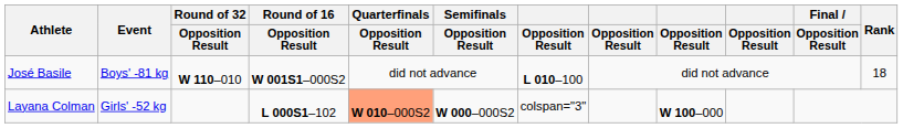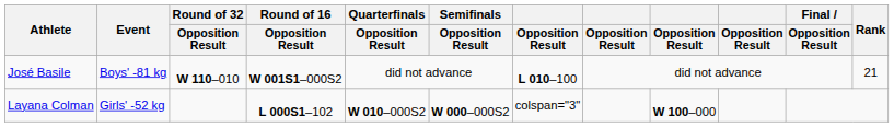 <table class="wikitable" style="font-size:90%">
 <tr>
 <th rowspan="2">Athlete</th>
 <th rowspan="2">Event</th>
 <th>Round of 32</th>
 <th>Round of 16</th>
 <th>Quarterfinals</th>
 <th>Semifinals</th>
 <th></th>
 <th></th>
 <th></th>
 <th></th>
 <th>Final / </th>
 <th rowspan=2>Rank</th>
 </tr>
 <tr style="font-size:95%">
 <th>Opposition<br>Result</th>
 <th>Opposition<br>Result</th>
 <th>Opposition<br>Result</th>
 <th>Opposition<br>Result</th>
 <th>Opposition<br>Result</th>
 <th>Opposition<br>Result</th>
 <th>Opposition<br>Result</th>
 <th>Opposition<br>Result</th>
 <th>Opposition<br>Result</th>
 </tr>
 <tr align=center>
 <td align=left><a href='#'>José Basile</a></td>
 <td align=left><a href='#'>Boys' -81 kg</a></td>
 <td align=center> <br> <strong>W</strong> <strong>110</strong>–010</td>
 <td align=center> <br> <strong>W</strong> <strong>001S1</strong>–000S2</td>
 <td colspan="2">did not advance</td>
 <td align=center> <br> <strong>L</strong> <strong>010</strong>–100</td>
 <td colspan="4">did not advance</td>
-<td>18</td>
+<td>21</td>
 </tr>
 <tr align=center>
 <td align=left><a href='#'>Layana Colman</a></td>
 <td align=left><a href='#'>Girls' -52 kg</a></td>
 <td></td>
 <td align=center> <br> <strong>L</strong> <strong>000S1</strong>–102</td>
-<td align=center style="background: lightsalmon;"> <br> <strong>W</strong> <strong>010</strong>–000S2</td>
+<td align=center> <br> <strong>W</strong> <strong>010</strong>–000S2</td>
 <td align=center> <br> <strong>W</strong> <strong>000</strong>–000S2</td>
 <td>colspan="3" </td>
 <td></td>
 <td align=center> <br> <strong>W</strong> <strong>100</strong>–000</td>
 <td></td>
 </tr>
 </table>
